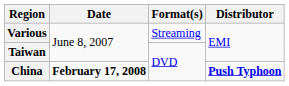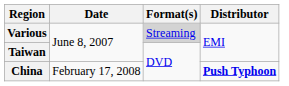 <table class="wikitable plainrowheaders">
 <tr>
 <th>Region</th>
 <th>Date</th>
 <th>Format(s)</th>
 <th>Distributor</th>
 </tr>
 <tr>
 <th scope="row">Various</th>
 <td rowspan="2">June 8, 2007</td>
-<td><a href='#'>Streaming</a></td>
+<td style="background: lightgrey;"><a href='#'>Streaming</a></td>
 <td rowspan="2"><a href='#'>EMI</a></td>
 </tr>
 <tr>
 <th scope="row">Taiwan</th>
 <td rowspan="2"><a href='#'>DVD</a></td>
 </tr>
 <tr>
 <th scope="row">China</th>
-<td><strong>February 17, 2008</strong></td>
+<td>February 17, 2008</td>
 <td><strong><a href='#'>Push Typhoon</a></strong></td>
 </tr>
 </table>
